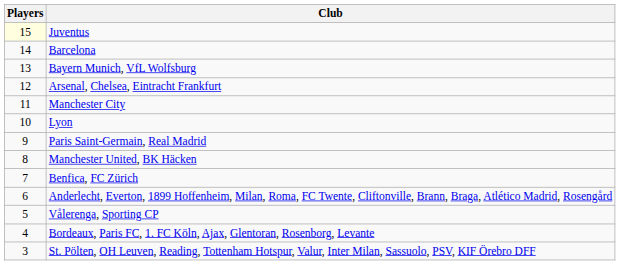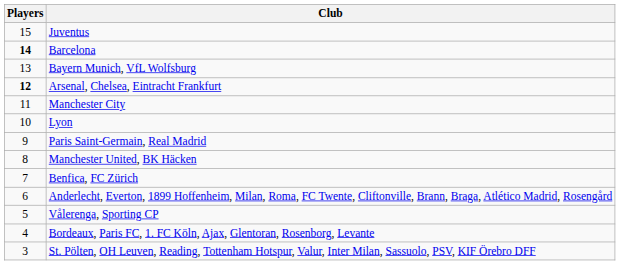 <table class="wikitable">
 <tr>
 <th>Players</th>
 <th>Club</th>
 </tr>
 <tr>
-<td align="center" style="background: lightyellow;">15</td>
+<td align="center">15</td>
 <td> <a href='#'>Juventus</a></td>
 </tr>
 <tr>
-<td align="center">14</td>
+<td align="center"><strong>14</strong></td>
 <td> <a href='#'>Barcelona</a></td>
 </tr>
 <tr>
 <td align="center">13</td>
 <td> <a href='#'>Bayern Munich</a>,  <a href='#'>VfL Wolfsburg</a></td>
 </tr>
 <tr>
-<td align="center">12</td>
+<td align="center"><strong>12</strong></td>
 <td> <a href='#'>Arsenal</a>,  <a href='#'>Chelsea</a>,  <a href='#'>Eintracht Frankfurt</a></td>
 </tr>
 <tr>
 <td align="center">11</td>
 <td> <a href='#'>Manchester City</a></td>
 </tr>
 <tr>
 <td align="center">10</td>
 <td> <a href='#'>Lyon</a></td>
 </tr>
 <tr>
 <td align="center">9</td>
 <td> <a href='#'>Paris Saint-Germain</a>,  <a href='#'>Real Madrid</a></td>
 </tr>
 <tr>
 <td align="center">8</td>
 <td> <a href='#'>Manchester United</a>,  <a href='#'>BK Häcken</a></td>
 </tr>
 <tr>
 <td align="center">7</td>
 <td> <a href='#'>Benfica</a>,  <a href='#'>FC Zürich</a></td>
 </tr>
 <tr>
 <td align="center">6</td>
 <td> <a href='#'>Anderlecht</a>,  <a href='#'>Everton</a>,  <a href='#'>1899 Hoffenheim</a>,  <a href='#'>Milan</a>,  <a href='#'>Roma</a>,  <a href='#'>FC Twente</a>,  <a href='#'>Cliftonville</a>,  <a href='#'>Brann</a>,  <a href='#'>Braga</a>,  <a href='#'>Atlético Madrid</a>,  <a href='#'>Rosengård</a></td>
 </tr>
 <tr>
 <td align="center">5</td>
 <td> <a href='#'>Vålerenga</a>,  <a href='#'>Sporting CP</a></td>
 </tr>
 <tr>
 <td align="center">4</td>
 <td> <a href='#'>Bordeaux</a>,  <a href='#'>Paris FC</a>,  <a href='#'>1. FC Köln</a>,  <a href='#'>Ajax</a>,  <a href='#'>Glentoran</a>,  <a href='#'>Rosenborg</a>,  <a href='#'>Levante</a></td>
 </tr>
 <tr>
 <td align="center">3</td>
 <td> <a href='#'>St. Pölten</a>,  <a href='#'>OH Leuven</a>,  <a href='#'>Reading</a>,  <a href='#'>Tottenham Hotspur</a>,  <a href='#'>Valur</a>,  <a href='#'>Inter Milan</a>,  <a href='#'>Sassuolo</a>,  <a href='#'>PSV</a>,  <a href='#'>KIF Örebro DFF</a></td>
 </tr>
 </table>
